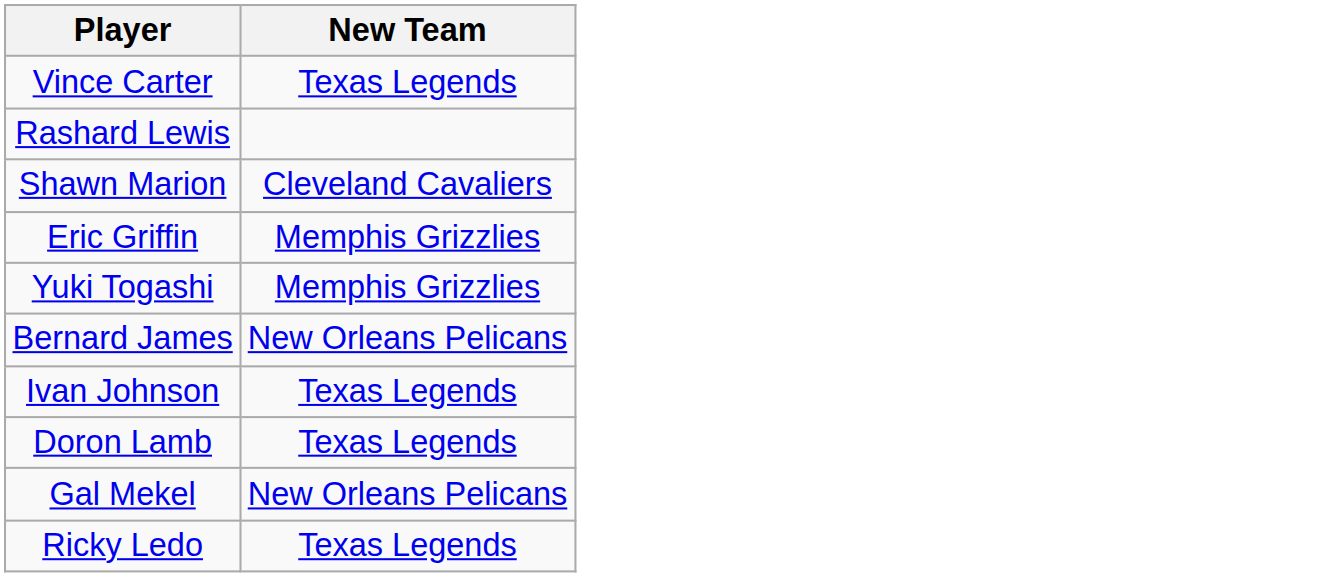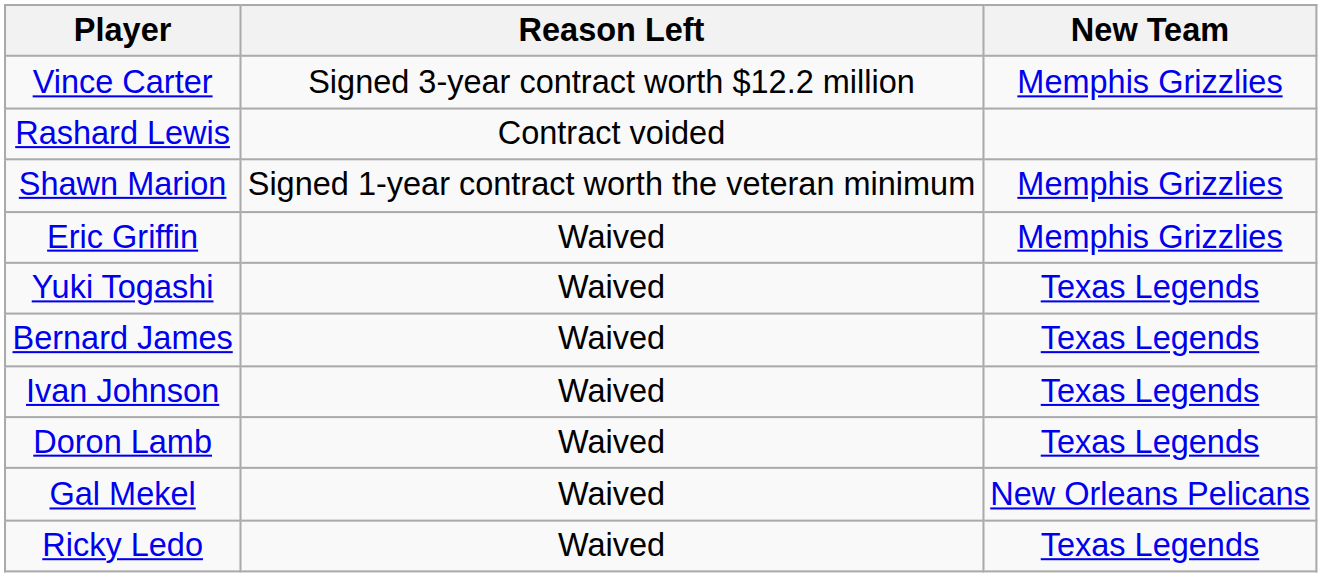 <table class="wikitable sortable sortable">
 <tr>
 <th>Player</th>
+<th>Reason Left</th>
 <th>New Team</th>
 </tr>
 <tr style="text-align: center">
 <td><a href='#'>Vince Carter</a></td>
-<td><a href='#'>Texas Legends</a></td>
+<td>Signed 3-year contract worth $12.2 million</td>
+<td><a href='#'>Memphis Grizzlies</a></td>
 </tr>
 <tr style="text-align: center">
 <td><a href='#'>Rashard Lewis</a></td>
+<td>Contract voided</td>
 <td></td>
 </tr>
 <tr style="text-align: center">
 <td><a href='#'>Shawn Marion</a></td>
-<td><a href='#'>Cleveland Cavaliers</a></td>
+<td>Signed 1-year contract worth the veteran minimum</td>
+<td><a href='#'>Memphis Grizzlies</a></td>
 </tr>
 <tr style="text-align: center">
 <td><a href='#'>Eric Griffin</a></td>
+<td>Waived</td>
 <td><a href='#'>Memphis Grizzlies</a></td>
 </tr>
 <tr style="text-align: center">
 <td><a href='#'>Yuki Togashi</a></td>
-<td><a href='#'>Memphis Grizzlies</a></td>
+<td>Waived</td>
+<td><a href='#'>Texas Legends</a></td>
 </tr>
 <tr style="text-align: center">
 <td><a href='#'>Bernard James</a></td>
-<td><a href='#'>New Orleans Pelicans</a></td>
+<td>Waived</td>
+<td><a href='#'>Texas Legends</a></td>
 </tr>
 <tr style="text-align: center">
 <td><a href='#'>Ivan Johnson</a></td>
+<td>Waived</td>
 <td><a href='#'>Texas Legends</a></td>
 </tr>
 <tr style="text-align: center">
 <td><a href='#'>Doron Lamb</a></td>
+<td>Waived</td>
 <td><a href='#'>Texas Legends</a></td>
 </tr>
 <tr style="text-align: center">
 <td><a href='#'>Gal Mekel</a></td>
+<td>Waived</td>
 <td><a href='#'>New Orleans Pelicans</a></td>
 </tr>
 <tr style="text-align: center">
 <td><a href='#'>Ricky Ledo</a></td>
+<td>Waived</td>
 <td><a href='#'>Texas Legends</a></td>
 </tr>
 </table>
